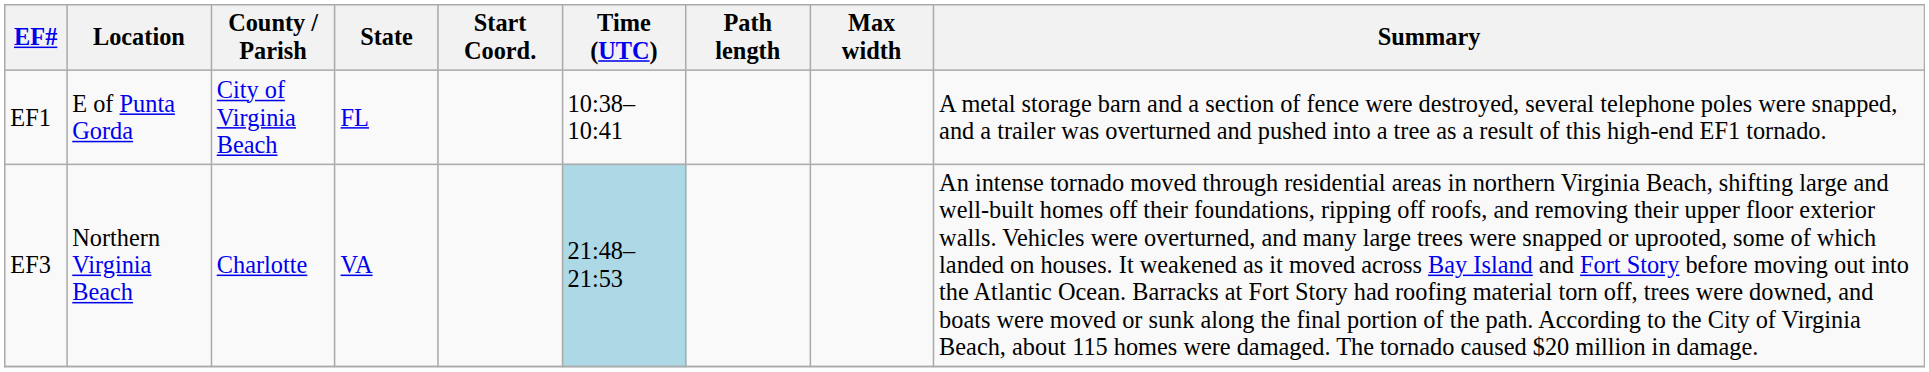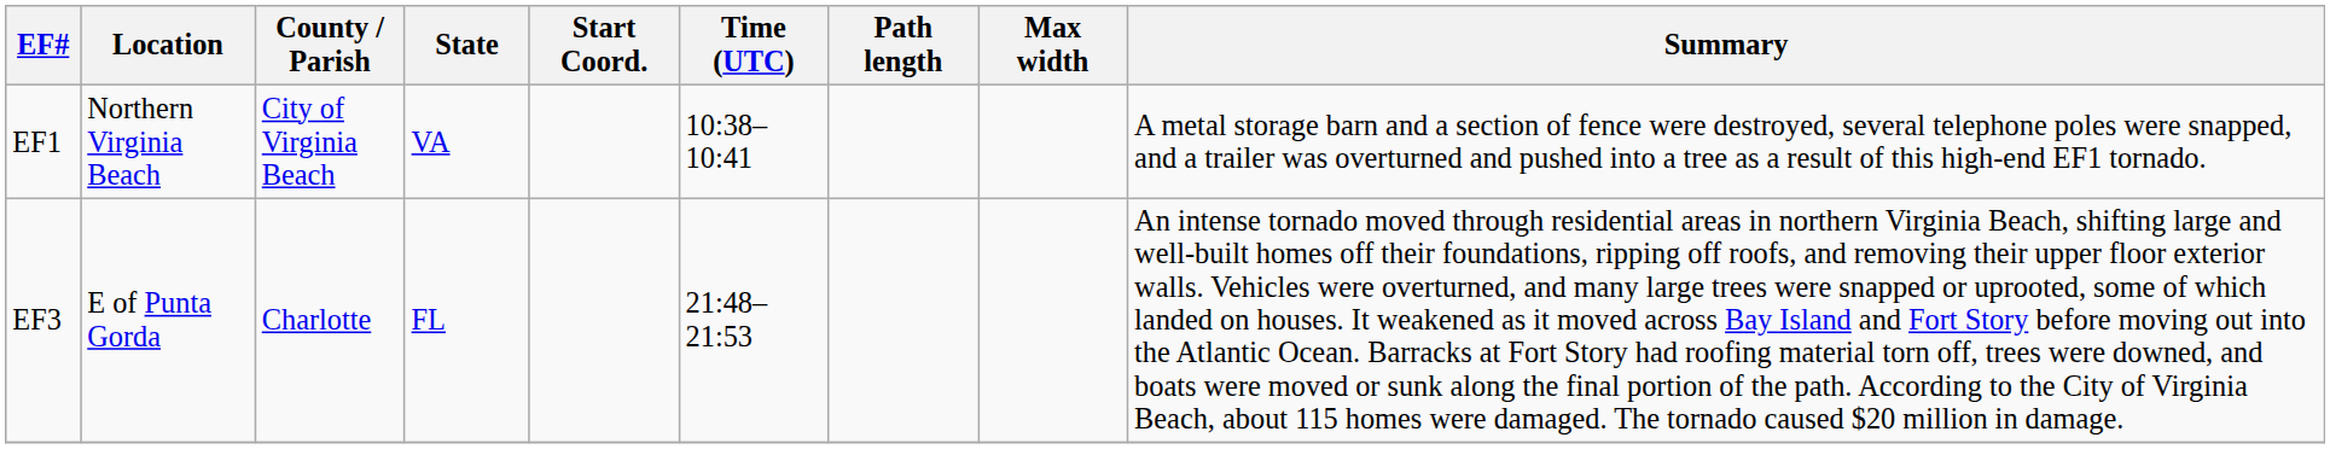 <table class="wikitable sortable" style="width:100%;">
 <tr>
 <th scope="col" style="width:3%; text-align:center;"><a href='#'>EF#</a></th>
 <th scope="col" style="width:7%; text-align:center;" class="unsortable">Location</th>
 <th scope="col" style="width:6%; text-align:center;" class="unsortable">County / Parish</th>
 <th scope="col" style="width:5%; text-align:center;">State</th>
 <th scope="col" style="width:6%; text-align:center;">Start Coord.</th>
 <th scope="col" style="width:6%; text-align:center;">Time (<a href='#'>UTC</a>)</th>
 <th scope="col" style="width:6%; text-align:center;">Path length</th>
 <th scope="col" style="width:6%; text-align:center;">Max width</th>
 <th scope="col" class="unsortable" style="width:48%; text-align:center;">Summary</th>
 </tr>
 <tr>
 <td>EF1</td>
-<td>E of <a href='#'>Punta Gorda</a></td>
+<td>Northern <a href='#'>Virginia Beach</a></td>
 <td><a href='#'>City of Virginia Beach</a></td>
-<td><a href='#'>FL</a></td>
+<td><a href='#'>VA</a></td>
 <td></td>
 <td>10:38–10:41</td>
 <td></td>
 <td></td>
 <td>A metal storage barn and a section of fence were destroyed, several telephone poles were snapped, and a trailer was overturned and pushed into a tree as a result of this high-end EF1 tornado.</td>
 </tr>
 <tr>
 <td>EF3</td>
-<td>Northern <a href='#'>Virginia Beach</a></td>
+<td>E of <a href='#'>Punta Gorda</a></td>
 <td><a href='#'>Charlotte</a></td>
-<td><a href='#'>VA</a></td>
+<td><a href='#'>FL</a></td>
 <td></td>
-<td style="background: lightblue;">21:48–21:53</td>
+<td>21:48–21:53</td>
 <td></td>
 <td></td>
 <td>An intense tornado moved through residential areas in northern Virginia Beach, shifting large and well-built homes off their foundations, ripping off roofs, and removing their upper floor exterior walls. Vehicles were overturned, and many large trees were snapped or uprooted, some of which landed on houses. It weakened as it moved across <a href='#'>Bay Island</a> and <a href='#'>Fort Story</a> before moving out into the Atlantic Ocean. Barracks at Fort Story had roofing material torn off, trees were downed, and boats were moved or sunk along the final portion of the path. According to the City of Virginia Beach, about 115 homes were damaged. The tornado caused $20 million in damage.</td>
 </tr>
 <tr>
 </tr>
 </table>
